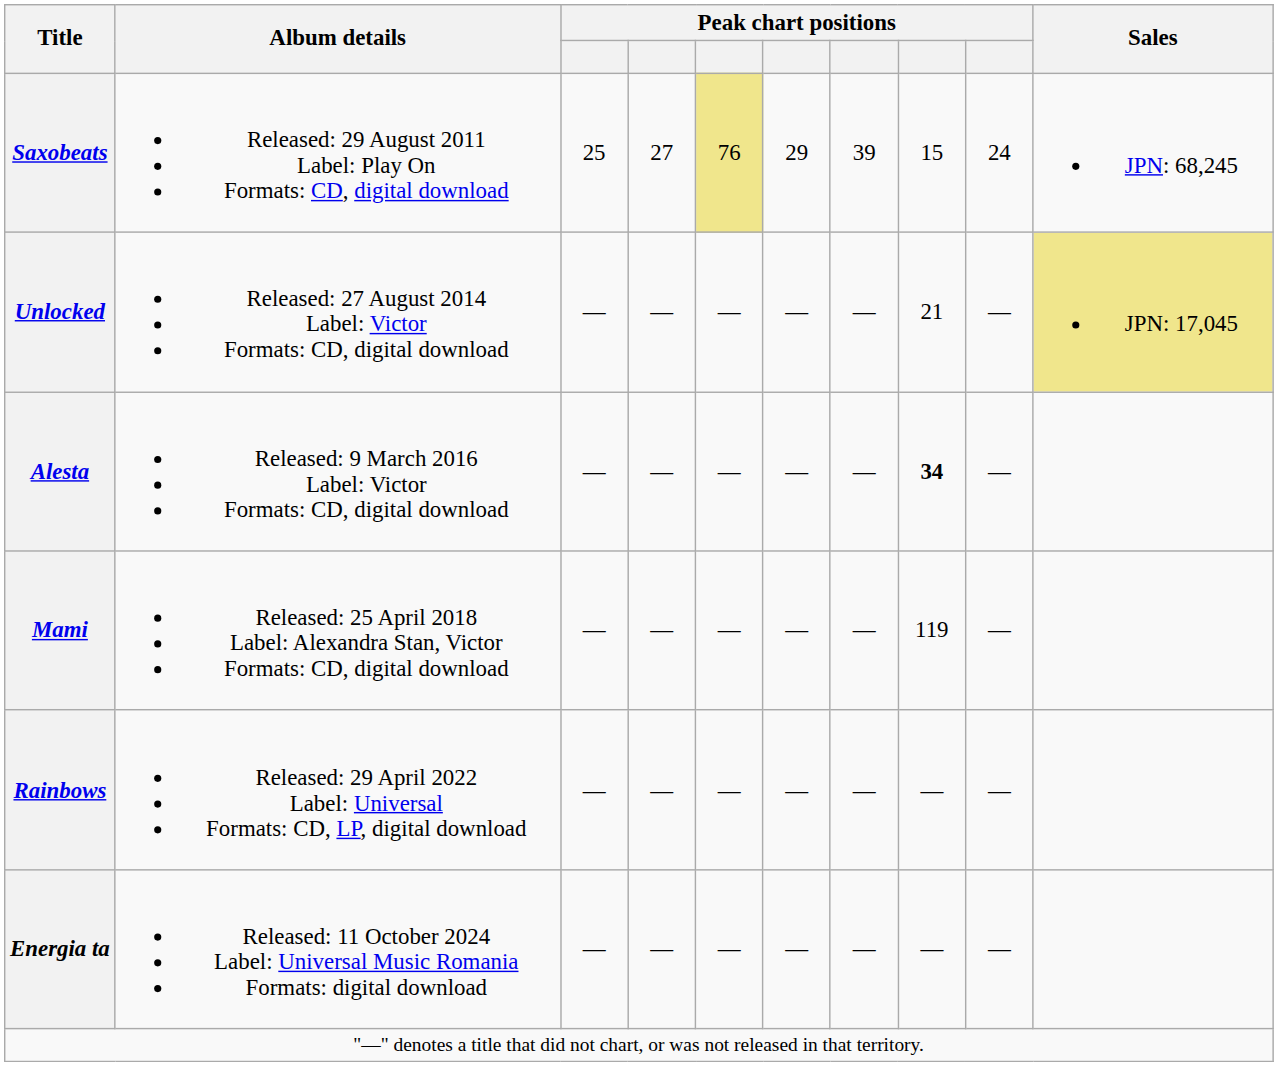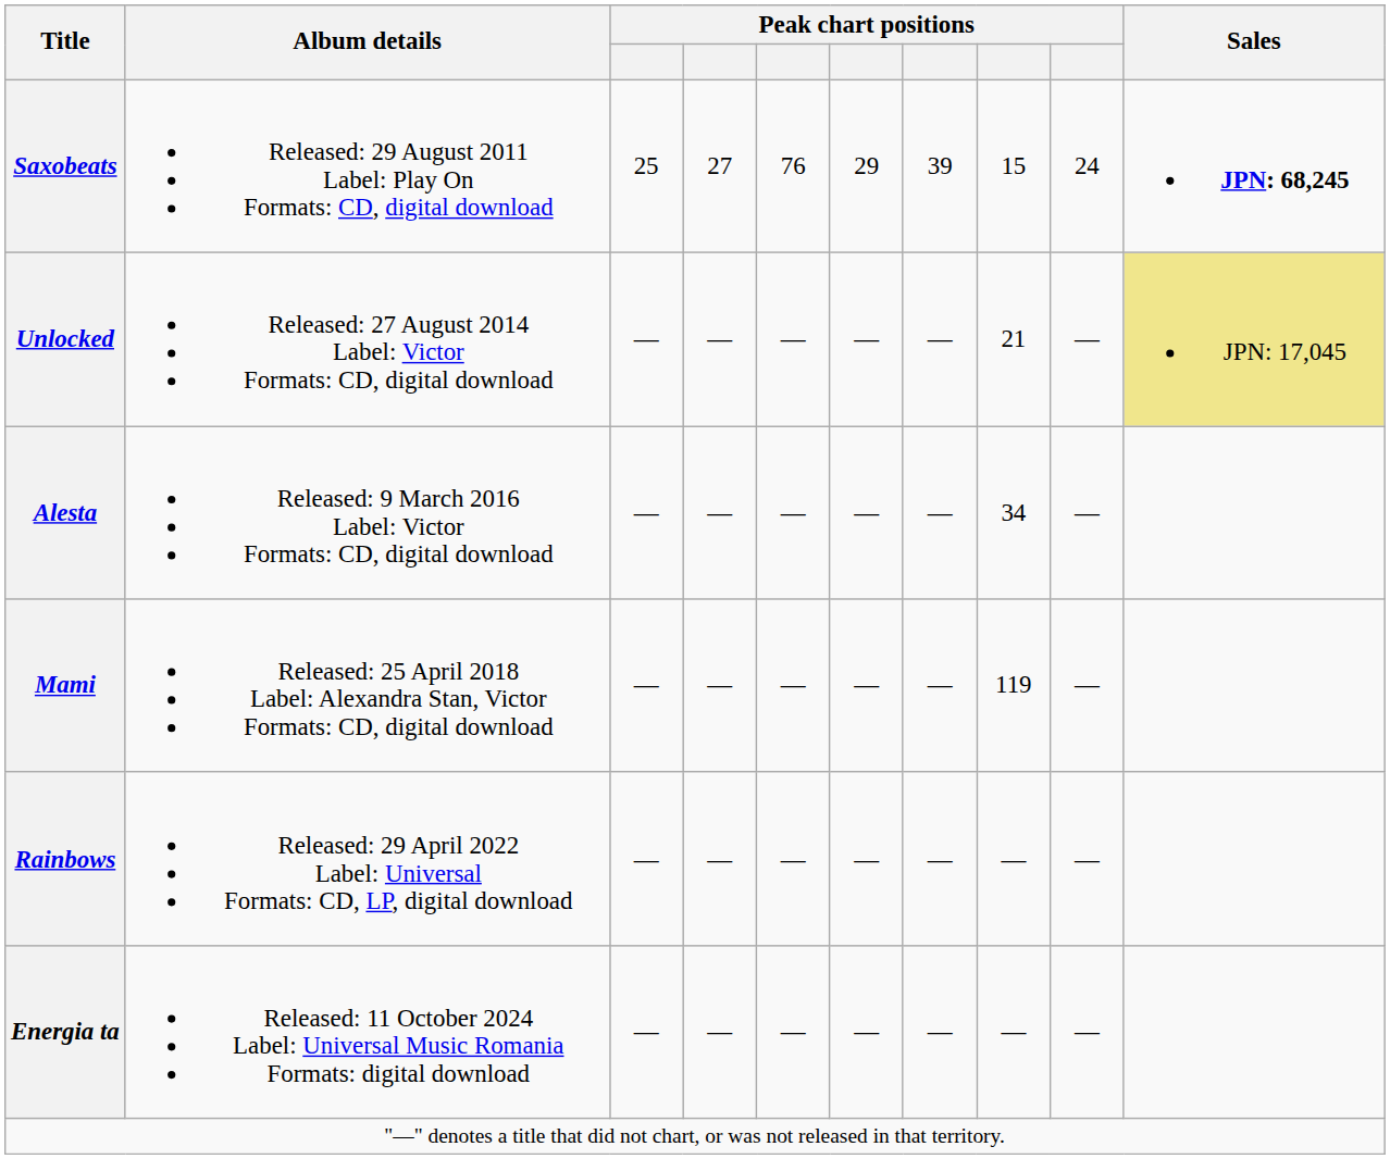 <table class="wikitable plainrowheaders" style="text-align:center;">
 <tr>
 <th scope="col" rowspan="2">Title</th>
 <th scope="col" rowspan="2" style="width:19em;">Album details</th>
 <th scope="col" colspan="7">Peak chart positions</th>
 <th scope="col" rowspan="2" style="width:10em;">Sales</th>
 </tr>
 <tr>
 <th scope="col" style="width:3em;font-size:85%;"><a href='#'></a><br></th>
 <th scope="col" style="width:3em;font-size:85%;"><a href='#'></a><br></th>
 <th scope="col" style="width:3em;font-size:85%;"><a href='#'></a><br></th>
 <th scope="col" style="width:3em;font-size:85%;"><a href='#'></a><br></th>
 <th scope="col" style="width:3em;font-size:85%;"><a href='#'></a><br></th>
 <th scope="col" style="width:3em;font-size:85%;"><a href='#'></a><br></th>
 <th scope="col" style="width:3em;font-size:85%;"><a href='#'></a><br></th>
 </tr>
 <tr>
 <th scope="row"><em><a href='#'>Saxobeats</a></em></th>
 <td><br><ul><li>Released: 29 August 2011</li><li>Label: Play On</li><li>Formats: <a href='#'>CD</a>, <a href='#'>digital download</a></li></ul></td>
 <td>25</td>
 <td>27</td>
-<td style="background: khaki;">76</td>
+<td>76</td>
 <td>29</td>
 <td>39</td>
 <td>15</td>
 <td>24</td>
-<td><br><ul><li><a href='#'>JPN</a>: 68,245</li></ul></td>
+<td><strong><br><ul><li><a href='#'>JPN</a>: 68,245</li></ul></strong></td>
 </tr>
 <tr>
 <th scope="row"><em><a href='#'>Unlocked</a></em></th>
 <td><br><ul><li>Released: 27 August 2014</li><li>Label: <a href='#'>Victor</a></li><li>Formats: CD, digital download</li></ul></td>
 <td>—</td>
 <td>—</td>
 <td>—</td>
 <td>—</td>
 <td>—</td>
 <td>21</td>
 <td>—</td>
 <td style="background: khaki;"><br><ul><li>JPN: 17,045</li></ul></td>
 </tr>
 <tr>
 <th scope="row"><em><a href='#'>Alesta</a></em></th>
 <td><br><ul><li>Released: 9 March 2016</li><li>Label: Victor</li><li>Formats: CD, digital download</li></ul></td>
 <td>—</td>
 <td>—</td>
 <td>—</td>
 <td>—</td>
 <td>—</td>
-<td><strong>34</strong></td>
+<td>34</td>
 <td>—</td>
 <td></td>
 </tr>
 <tr>
 <th scope="row"><em><a href='#'>Mami</a></em></th>
 <td><br><ul><li>Released: 25 April 2018</li><li>Label: Alexandra Stan, Victor</li><li>Formats: CD, digital download</li></ul></td>
 <td>—</td>
 <td>—</td>
 <td>—</td>
 <td>—</td>
 <td>—</td>
 <td>119</td>
 <td>—</td>
 <td></td>
 </tr>
 <tr>
 <th scope="row"><em><a href='#'>Rainbows</a></em></th>
 <td><br><ul><li>Released: 29 April 2022</li><li>Label: <a href='#'>Universal</a></li><li>Formats: CD, <a href='#'>LP</a>, digital download</li></ul></td>
 <td>—</td>
 <td>—</td>
 <td>—</td>
 <td>—</td>
 <td>—</td>
 <td>—</td>
 <td>—</td>
 <td></td>
 </tr>
 <tr>
 <th scope="row"><em>Energia ta</em></th>
 <td><br><ul><li>Released: 11 October 2024</li><li>Label: <a href='#'>Universal Music Romania</a></li><li>Formats: digital download</li></ul></td>
 <td>—</td>
 <td>—</td>
 <td>—</td>
 <td>—</td>
 <td>—</td>
 <td>—</td>
 <td>—</td>
 <td></td>
 </tr>
 <tr>
 <td colspan="14" style="font-size:85%">"—" denotes a title that did not chart, or was not released in that territory.</td>
 </tr>
 </table>
